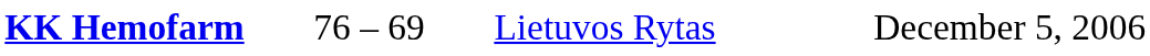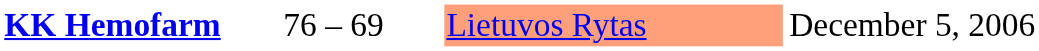 <table style="text-align:center">
 <tr>
 <th width=160></th>
 <th width=100></th>
 <th width=160></th>
 <th width=200></th>
 </tr>
 <tr>
 <td align=right><strong><a href='#'>KK Hemofarm</a></strong> </td>
 <td>76 – 69</td>
-<td align=left> <a href='#'>Lietuvos Rytas</a></td>
+<td align=left style="background: lightsalmon;"> <a href='#'>Lietuvos Rytas</a></td>
 <td align=left>December 5, 2006</td>
 </tr>
 </table>
